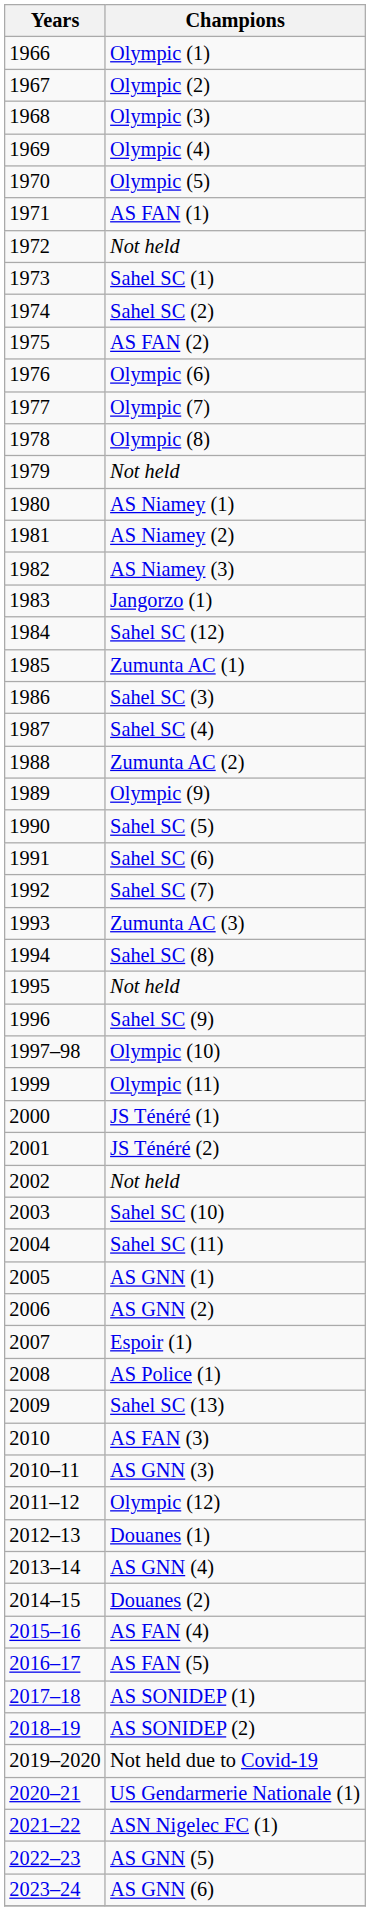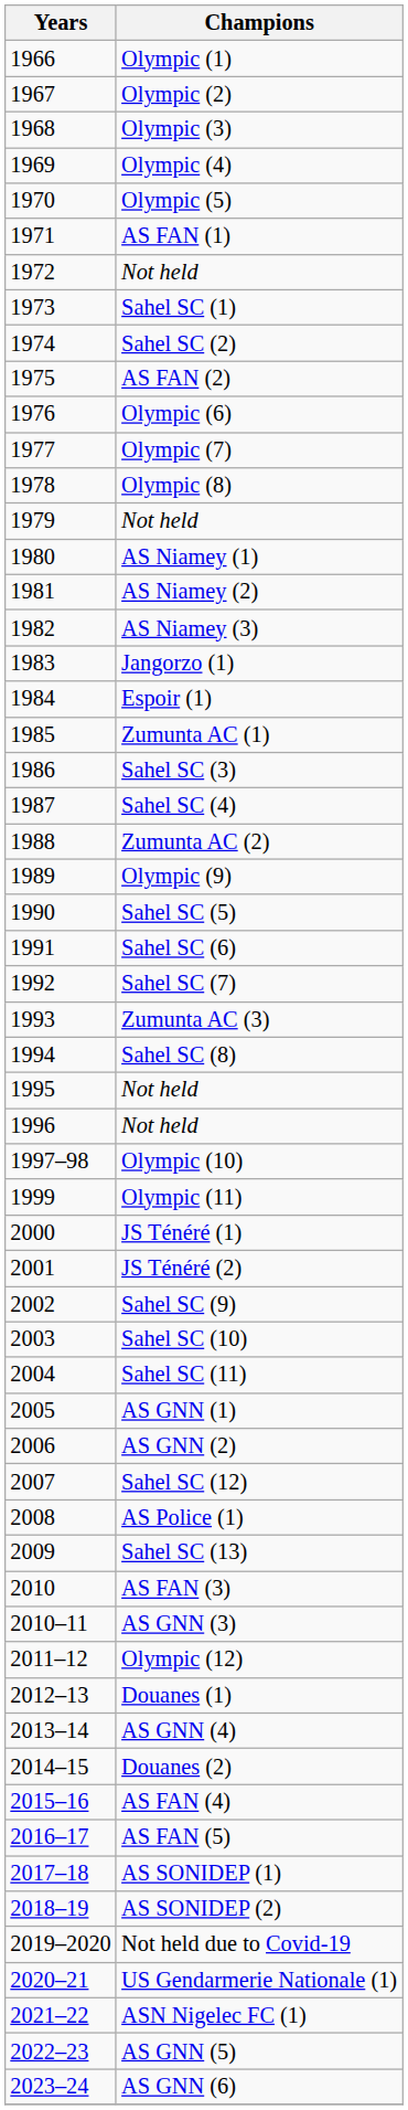 <table class="wikitable">
 <tr>
 <th>Years</th>
 <th>Champions</th>
 </tr>
 <tr>
 <td>1966</td>
 <td><a href='#'>Olympic</a> (1)</td>
 </tr>
 <tr>
 <td>1967</td>
 <td><a href='#'>Olympic</a> (2)</td>
 </tr>
 <tr>
 <td>1968</td>
 <td><a href='#'>Olympic</a> (3)</td>
 </tr>
 <tr>
 <td>1969</td>
 <td><a href='#'>Olympic</a> (4)</td>
 </tr>
 <tr>
 <td>1970</td>
 <td><a href='#'>Olympic</a> (5)</td>
 </tr>
 <tr>
 <td>1971</td>
 <td><a href='#'>AS FAN</a> (1)</td>
 </tr>
 <tr>
 <td>1972</td>
 <td><em>Not held</em></td>
 </tr>
 <tr>
 <td>1973</td>
 <td><a href='#'>Sahel SC</a> (1)</td>
 </tr>
 <tr>
 <td>1974</td>
 <td><a href='#'>Sahel SC</a> (2)</td>
 </tr>
 <tr>
 <td>1975</td>
 <td><a href='#'>AS FAN</a> (2)</td>
 </tr>
 <tr>
 <td>1976</td>
 <td><a href='#'>Olympic</a> (6)</td>
 </tr>
 <tr>
 <td>1977</td>
 <td><a href='#'>Olympic</a> (7)</td>
 </tr>
 <tr>
 <td>1978</td>
 <td><a href='#'>Olympic</a> (8)</td>
 </tr>
 <tr>
 <td>1979</td>
 <td><em>Not held</em></td>
 </tr>
 <tr>
 <td>1980</td>
 <td><a href='#'>AS Niamey</a> (1)</td>
 </tr>
 <tr>
 <td>1981</td>
 <td><a href='#'>AS Niamey</a> (2)</td>
 </tr>
 <tr>
 <td>1982</td>
 <td><a href='#'>AS Niamey</a> (3)</td>
 </tr>
 <tr>
 <td>1983</td>
 <td><a href='#'>Jangorzo</a> (1)</td>
 </tr>
 <tr>
 <td>1984</td>
-<td><a href='#'>Sahel SC</a> (12)</td>
+<td><a href='#'>Espoir</a> (1)</td>
 </tr>
 <tr>
 <td>1985</td>
 <td><a href='#'>Zumunta AC</a> (1)</td>
 </tr>
 <tr>
 <td>1986</td>
 <td><a href='#'>Sahel SC</a> (3)</td>
 </tr>
 <tr>
 <td>1987</td>
 <td><a href='#'>Sahel SC</a> (4)</td>
 </tr>
 <tr>
 <td>1988</td>
 <td><a href='#'>Zumunta AC</a> (2)</td>
 </tr>
 <tr>
 <td>1989</td>
 <td><a href='#'>Olympic</a> (9)</td>
 </tr>
 <tr>
 <td>1990</td>
 <td><a href='#'>Sahel SC</a> (5)</td>
 </tr>
 <tr>
 <td>1991</td>
 <td><a href='#'>Sahel SC</a> (6)</td>
 </tr>
 <tr>
 <td>1992</td>
 <td><a href='#'>Sahel SC</a> (7)</td>
 </tr>
 <tr>
 <td>1993</td>
 <td><a href='#'>Zumunta AC</a> (3)</td>
 </tr>
 <tr>
 <td>1994</td>
 <td><a href='#'>Sahel SC</a> (8)</td>
 </tr>
 <tr>
 <td>1995</td>
 <td><em>Not held</em></td>
 </tr>
 <tr>
 <td>1996</td>
-<td><a href='#'>Sahel SC</a> (9)</td>
+<td><em>Not held</em></td>
 </tr>
 <tr>
 <td>1997–98</td>
 <td><a href='#'>Olympic</a> (10)</td>
 </tr>
 <tr>
 <td>1999</td>
 <td><a href='#'>Olympic</a> (11)</td>
 </tr>
 <tr>
 <td>2000</td>
 <td><a href='#'>JS Ténéré</a> (1)</td>
 </tr>
 <tr>
 <td>2001</td>
 <td><a href='#'>JS Ténéré</a> (2)</td>
 </tr>
 <tr>
 <td>2002</td>
-<td><em>Not held</em></td>
+<td><a href='#'>Sahel SC</a> (9)</td>
 </tr>
 <tr>
 <td>2003</td>
 <td><a href='#'>Sahel SC</a> (10)</td>
 </tr>
 <tr>
 <td>2004</td>
 <td><a href='#'>Sahel SC</a> (11)</td>
 </tr>
 <tr>
 <td>2005</td>
 <td><a href='#'>AS GNN</a> (1)</td>
 </tr>
 <tr>
 <td>2006</td>
 <td><a href='#'>AS GNN</a> (2)</td>
 </tr>
 <tr>
 <td>2007</td>
-<td><a href='#'>Espoir</a> (1)</td>
+<td><a href='#'>Sahel SC</a> (12)</td>
 </tr>
 <tr>
 <td>2008</td>
 <td><a href='#'>AS Police</a> (1)</td>
 </tr>
 <tr>
 <td>2009</td>
 <td><a href='#'>Sahel SC</a> (13)</td>
 </tr>
 <tr>
 <td>2010</td>
 <td><a href='#'>AS FAN</a> (3)</td>
 </tr>
 <tr>
 <td>2010–11</td>
 <td><a href='#'>AS GNN</a> (3)</td>
 </tr>
 <tr>
 <td>2011–12</td>
 <td><a href='#'>Olympic</a> (12)</td>
 </tr>
 <tr>
 <td>2012–13</td>
 <td><a href='#'>Douanes</a> (1)</td>
 </tr>
 <tr>
 <td>2013–14</td>
 <td><a href='#'>AS GNN</a> (4)</td>
 </tr>
 <tr>
 <td>2014–15</td>
 <td><a href='#'>Douanes</a> (2)</td>
 </tr>
 <tr>
 <td><a href='#'>2015–16</a></td>
 <td><a href='#'>AS FAN</a> (4)</td>
 </tr>
 <tr>
 <td><a href='#'>2016–17</a></td>
 <td><a href='#'>AS FAN</a> (5)</td>
 </tr>
 <tr>
 <td><a href='#'>2017–18</a></td>
 <td><a href='#'>AS SONIDEP</a> (1)</td>
 </tr>
 <tr>
 <td><a href='#'>2018–19</a></td>
 <td><a href='#'>AS SONIDEP</a> (2)</td>
 </tr>
 <tr>
 <td>2019–2020</td>
 <td>Not held due to <a href='#'>Covid-19</a></td>
 </tr>
 <tr>
 <td><a href='#'>2020–21</a></td>
 <td><a href='#'>US Gendarmerie Nationale</a> (1)</td>
 </tr>
 <tr>
 <td><a href='#'>2021–22</a></td>
 <td><a href='#'>ASN Nigelec FC</a> (1)</td>
 </tr>
 <tr>
 <td><a href='#'>2022–23</a></td>
 <td><a href='#'>AS GNN</a> (5)</td>
 </tr>
 <tr>
 <td><a href='#'>2023–24</a></td>
 <td><a href='#'>AS GNN</a> (6)</td>
 </tr>
 <tr>
 </tr>
 </table>
